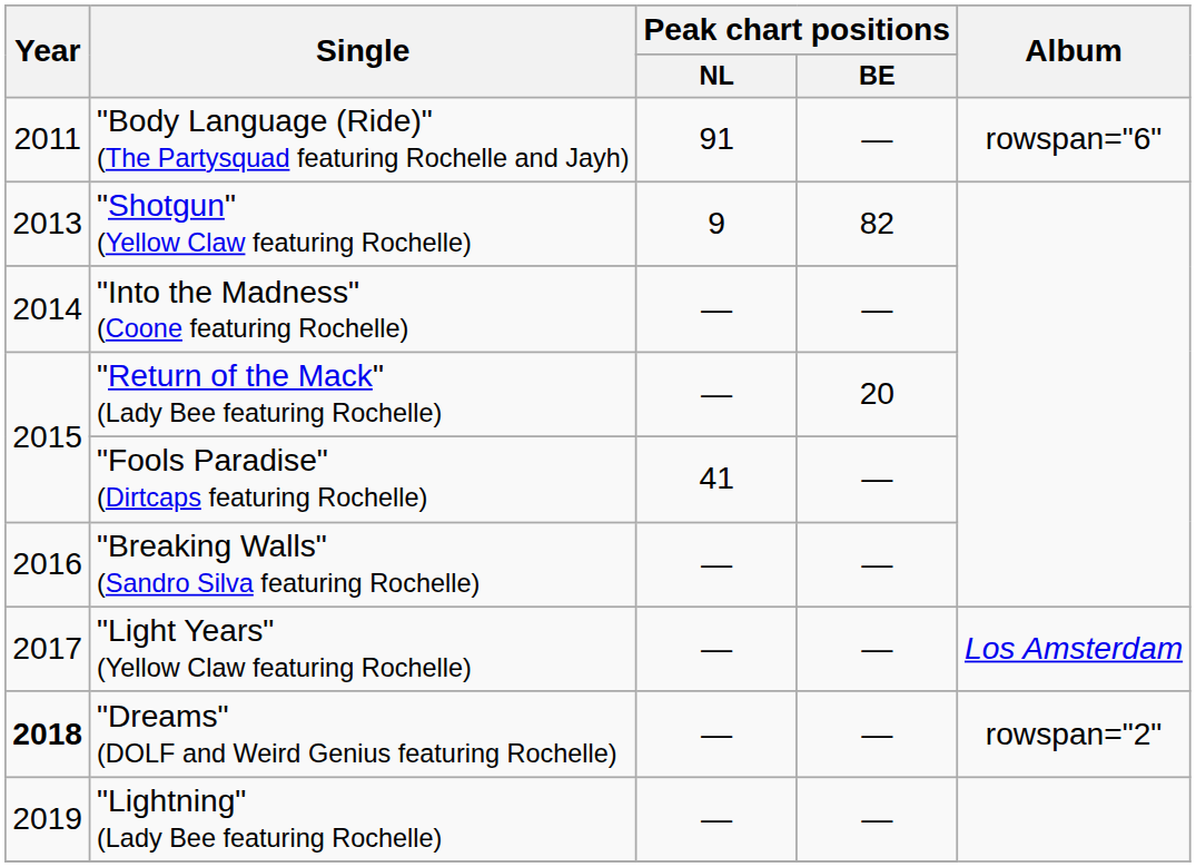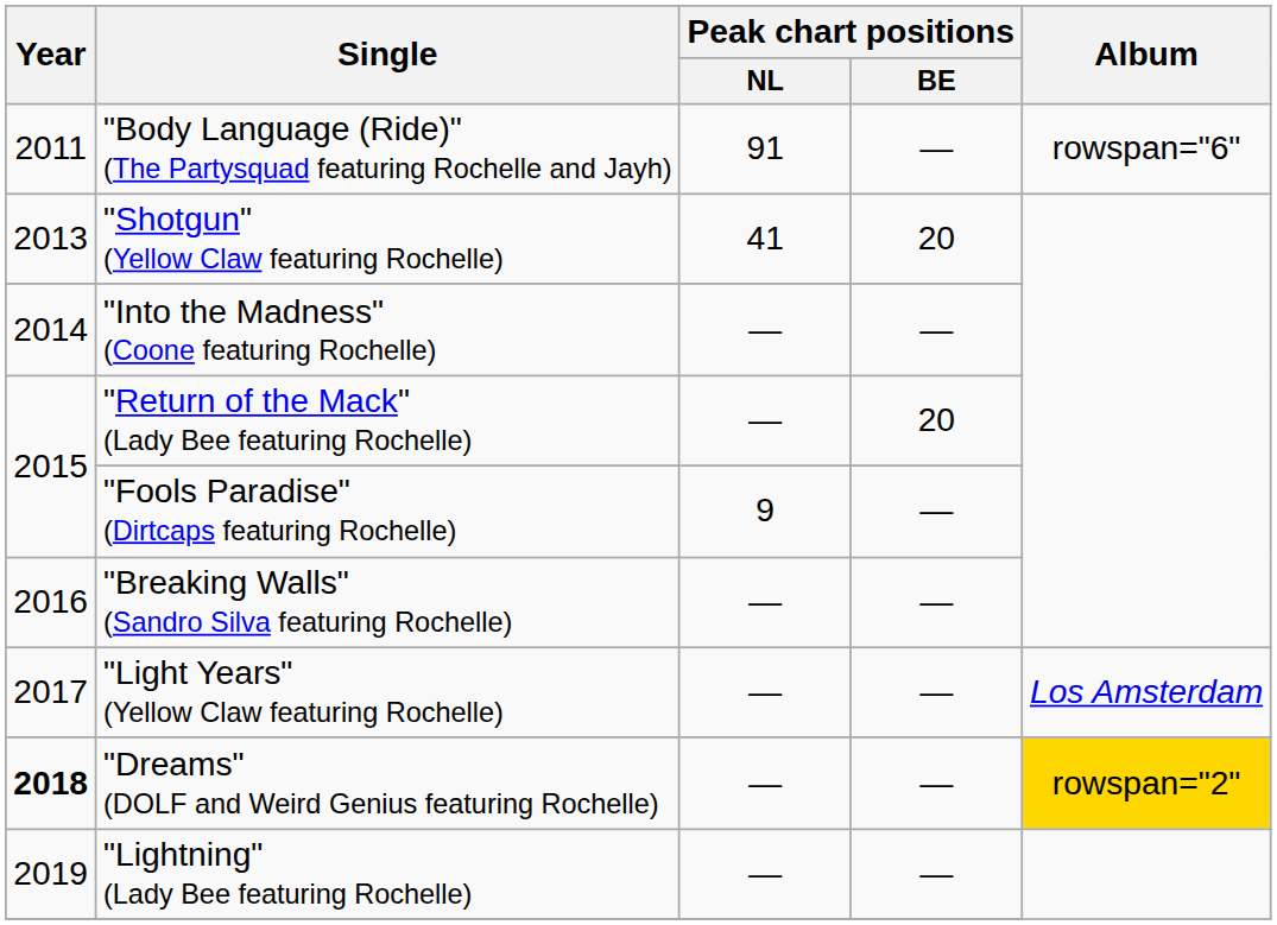 <table class="wikitable" style="text-align:center;">
 <tr>
 <th rowspan=2>Year</th>
 <th rowspan=2>Single</th>
 <th colspan=2>Peak chart positions</th>
 <th rowspan=2>Album</th>
 </tr>
 <tr style="font-size:smaller;">
 <th>NL<br></th>
 <th>BE<br></th>
 </tr>
 <tr>
 <td>2011</td>
 <td align=left>"Body Language (Ride)"<br><small>(<a href='#'>The Partysquad</a> featuring Rochelle and Jayh)</small></td>
 <td>91</td>
 <td>—</td>
 <td>rowspan="6" </td>
 </tr>
 <tr>
 <td>2013</td>
 <td align=left>"<a href='#'>Shotgun</a>"<br><small>(<a href='#'>Yellow Claw</a> featuring Rochelle)</small></td>
-<td>9</td>
-<td>82</td>
+<td>41</td>
+<td>20</td>
 </tr>
 <tr>
 <td>2014</td>
 <td align=left>"Into the Madness"<br><small>(<a href='#'>Coone</a> featuring Rochelle)</small></td>
 <td>—</td>
 <td>—</td>
 </tr>
 <tr>
 <td rowspan=2>2015</td>
 <td align=left>"<a href='#'>Return of the Mack</a>"<br><small>(Lady Bee featuring Rochelle)</small></td>
 <td>—</td>
 <td>20</td>
 </tr>
 <tr>
 <td align=left>"Fools Paradise"<br><small>(<a href='#'>Dirtcaps</a> featuring Rochelle)</small></td>
-<td>41</td>
+<td>9</td>
 <td>—</td>
 </tr>
 <tr>
 <td>2016</td>
 <td align=left>"Breaking Walls"<br><small>(<a href='#'>Sandro Silva</a> featuring Rochelle)</small></td>
 <td>—</td>
 <td>—</td>
 </tr>
 <tr>
 <td>2017</td>
 <td align=left>"Light Years"<br><small>(Yellow Claw featuring Rochelle)</small></td>
 <td>—</td>
 <td>—</td>
 <td><em><a href='#'>Los Amsterdam</a></em></td>
 </tr>
 <tr>
 <td><strong>2018</strong></td>
 <td align=left>"Dreams"<br><small>(DOLF and Weird Genius featuring Rochelle)</small></td>
 <td>—</td>
 <td>—</td>
-<td>rowspan="2" </td>
+<td style="background: gold;">rowspan="2" </td>
 </tr>
 <tr>
 <td>2019</td>
 <td align=left>"Lightning"<br><small>(Lady Bee featuring Rochelle)</small></td>
 <td>—</td>
 <td>—</td>
 </tr>
 <tr>
 </tr>
 </table>
